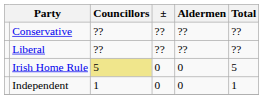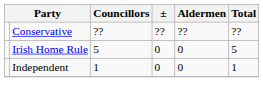 <table class="wikitable">
 <tr>
 <th colspan="2">Party</th>
 <th>Councillors</th>
 <th>  ±  </th>
 <th>Aldermen</th>
 <th>Total</th>
 </tr>
 <tr>
 <td style="background-color: "></td>
 <td><a href='#'>Conservative</a></td>
 <td>??</td>
 <td>??</td>
 <td>??</td>
 <td>??</td>
 </tr>
 <tr>
 <td style="background-color: "></td>
-<td><a href='#'>Liberal</a></td>
-<td>??</td>
-<td>??</td>
-<td>??</td>
-<td>??</td>
-</tr>
-<tr>
-<td style="background-color: "></td>
 <td><a href='#'>Irish Home Rule</a></td>
-<td style="background: khaki;">5</td>
+<td>5</td>
 <td>0</td>
 <td>0</td>
 <td>5</td>
 </tr>
 <tr>
 <td style="background-color: "></td>
 <td>Independent</td>
 <td>1</td>
 <td>0</td>
 <td>0</td>
 <td>1</td>
 </tr>
 <tr>
 </tr>
 </table>
